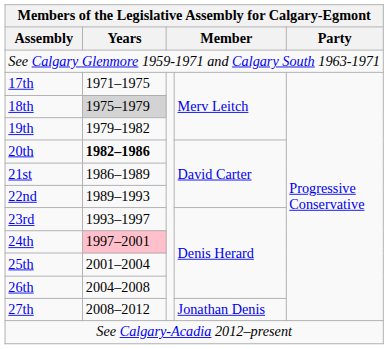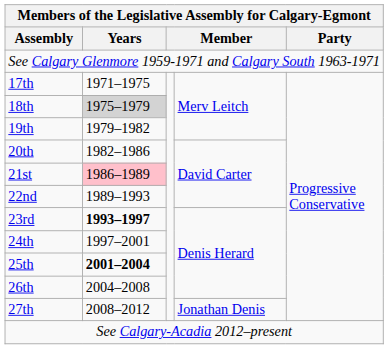 <table class="wikitable" align=right>
 <tr>
 <th colspan=5>Members of the Legislative Assembly for Calgary-Egmont</th>
 </tr>
 <tr>
 <th>Assembly</th>
 <th>Years</th>
 <th colspan="2">Member</th>
 <th>Party</th>
 </tr>
 <tr>
 <td align="center" colspan=5><em>See <a href='#'>Calgary Glenmore</a> 1959-1971 and <a href='#'>Calgary South</a> 1963-1971</em></td>
 </tr>
 <tr>
 <td><a href='#'>17th</a></td>
 <td>1971–1975</td>
 <td rowspan=11 ></td>
 <td rowspan=3><a href='#'>Merv Leitch</a></td>
 <td rowspan=11><a href='#'>Progressive<br>Conservative</a></td>
 </tr>
 <tr>
 <td><a href='#'>18th</a></td>
 <td style="background: lightgrey;">1975–1979</td>
 </tr>
 <tr>
 <td><a href='#'>19th</a></td>
 <td>1979–1982</td>
 </tr>
 <tr>
 <td><a href='#'>20th</a></td>
-<td><strong>1982–1986</strong></td>
+<td>1982–1986</td>
 <td rowspan=3><a href='#'>David Carter</a></td>
 </tr>
 <tr>
 <td><a href='#'>21st</a></td>
-<td>1986–1989</td>
+<td style="background: pink;">1986–1989</td>
 </tr>
 <tr>
 <td><a href='#'>22nd</a></td>
 <td>1989–1993</td>
 </tr>
 <tr>
 <td><a href='#'>23rd</a></td>
-<td>1993–1997</td>
+<td><strong>1993–1997</strong></td>
 <td rowspan=4><a href='#'>Denis Herard</a></td>
 </tr>
 <tr>
 <td><a href='#'>24th</a></td>
-<td style="background: pink;">1997–2001</td>
+<td>1997–2001</td>
 </tr>
 <tr>
 <td><a href='#'>25th</a></td>
-<td>2001–2004</td>
+<td><strong>2001–2004</strong></td>
 </tr>
 <tr>
 <td><a href='#'>26th</a></td>
 <td>2004–2008</td>
 </tr>
 <tr>
 <td><a href='#'>27th</a></td>
 <td>2008–2012</td>
 <td><a href='#'>Jonathan Denis</a></td>
 </tr>
 <tr>
 <td align="center" colspan=5><em>See <a href='#'>Calgary-Acadia</a> 2012–present</em></td>
 </tr>
 </table>
